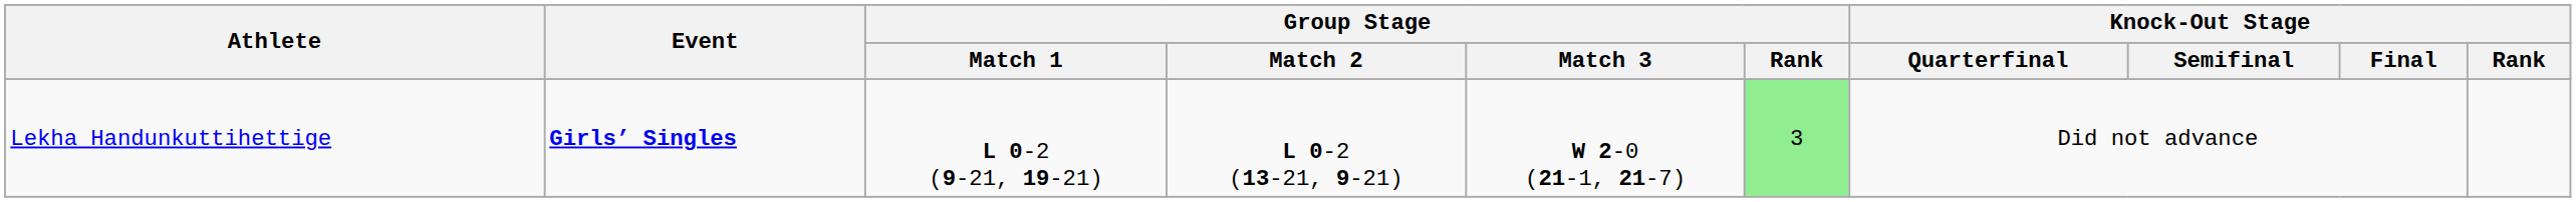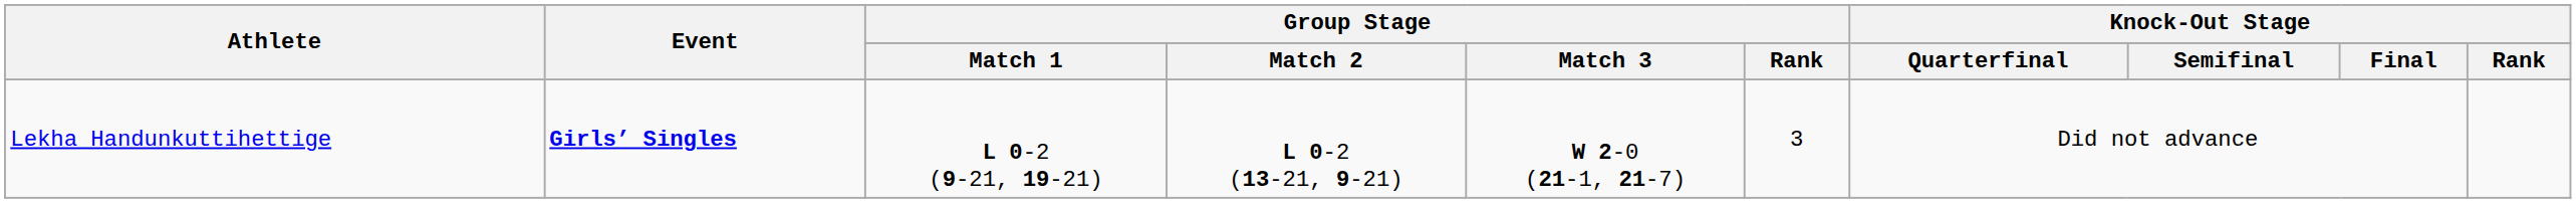 <table class="wikitable" width="85%" style="text-align:left; font-size:90%">
 <tr>
 <th rowspan=2>Athlete</th>
 <th rowspan=2>Event</th>
 <th colspan=4>Group Stage</th>
 <th colspan=4>Knock-Out Stage</th>
 </tr>
 <tr>
 <th>Match 1</th>
 <th>Match 2</th>
 <th>Match 3</th>
 <th>Rank</th>
 <th>Quarterfinal</th>
 <th>Semifinal</th>
 <th>Final</th>
 <th>Rank</th>
 </tr>
 <tr>
 <td><a href='#'>Lekha Handunkuttihettige</a></td>
 <td><strong><a href='#'>Girls’ Singles</a></strong></td>
 <td align=center> <br><br><strong>L</strong> <strong>0</strong>-2 <br> (<strong>9</strong>-21, <strong>19</strong>-21)</td>
 <td align=center> <br><br><strong>L</strong> <strong>0</strong>-2 <br> (<strong>13</strong>-21, <strong>9</strong>-21)</td>
 <td align=center> <br><br><strong>W</strong> <strong>2</strong>-0 <br> (<strong>21</strong>-1, <strong>21</strong>-7)</td>
-<td align=center style="background: lightgreen;">3</td>
+<td align=center>3</td>
 <td colspan="3" align=center>Did not advance</td>
 <td align=center></td>
 </tr>
 </table>
